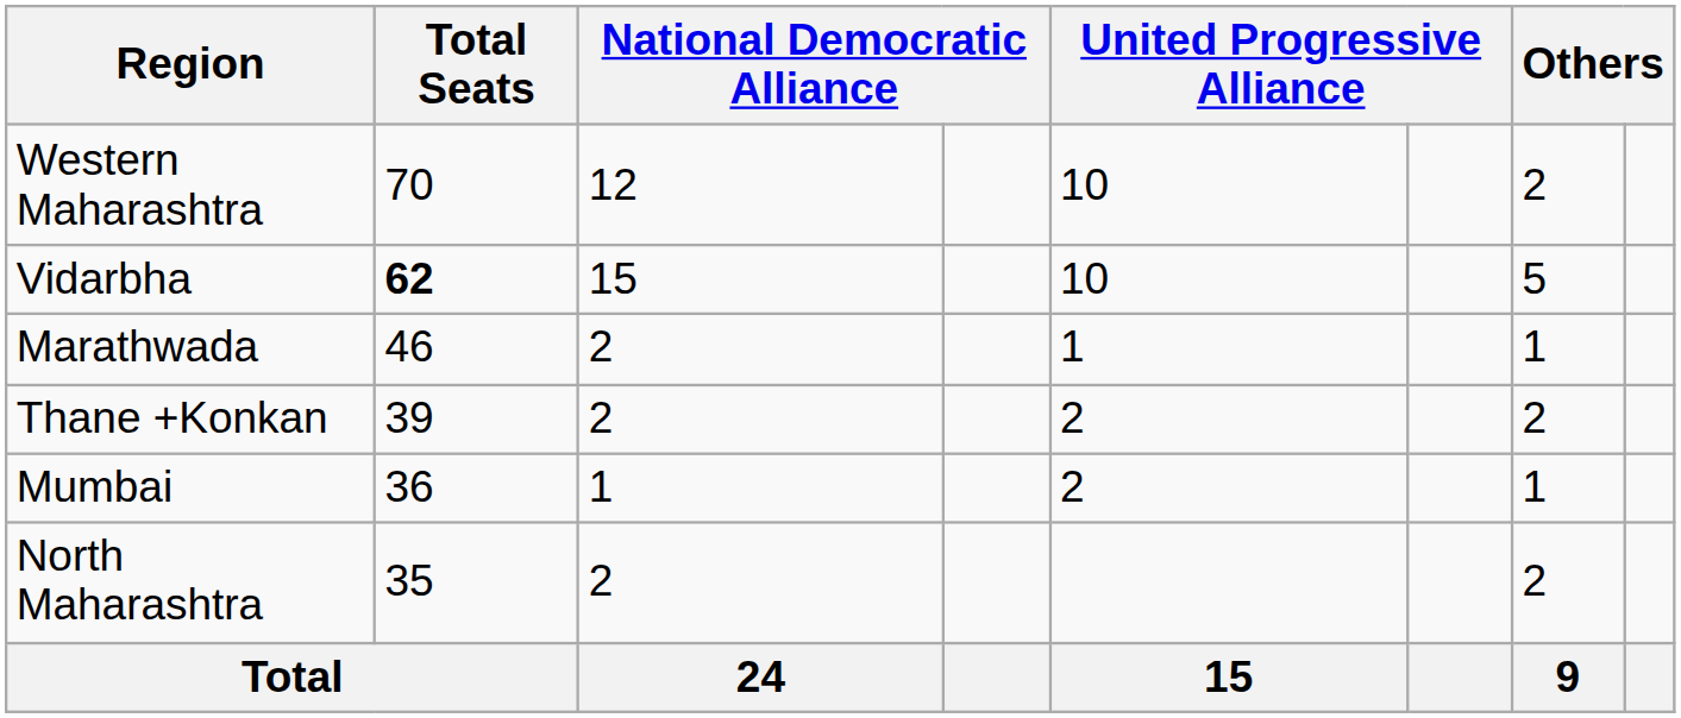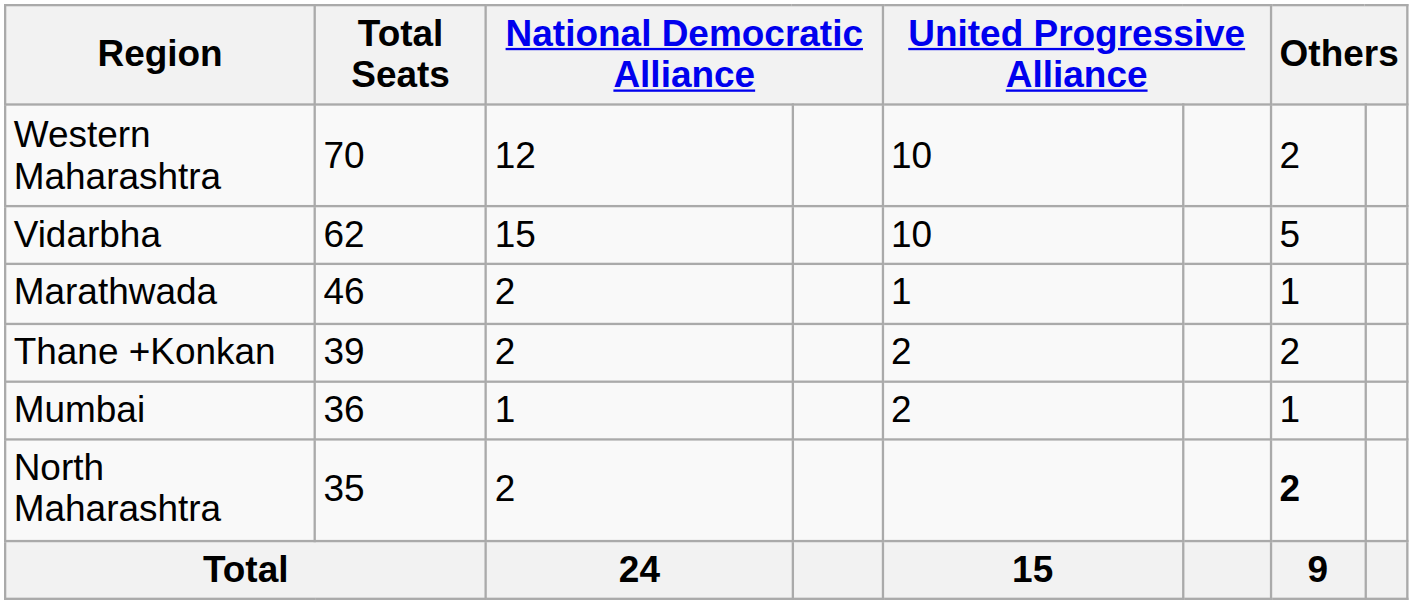 <table class="wikitable sortable">
 <tr>
 <th>Region</th>
 <th>Total Seats</th>
 <th colspan="2"><a href='#'>National Democratic Alliance</a></th>
 <th colspan="2"><a href='#'>United Progressive Alliance</a></th>
 <th colspan="2">Others</th>
 </tr>
 <tr>
 <td>Western Maharashtra</td>
 <td>70</td>
 <td> 12</td>
 <td></td>
 <td> 10</td>
 <td></td>
 <td> 2</td>
 <td></td>
 </tr>
 <tr>
 <td>Vidarbha</td>
-<td><strong>62</strong></td>
+<td>62</td>
 <td> 15</td>
 <td></td>
 <td> 10</td>
 <td></td>
 <td> 5</td>
 <td></td>
 </tr>
 <tr>
 <td>Marathwada</td>
 <td>46</td>
 <td> 2</td>
 <td></td>
 <td> 1</td>
 <td></td>
 <td> 1</td>
 <td></td>
 </tr>
 <tr>
 <td>Thane +Konkan</td>
 <td>39</td>
 <td> 2</td>
 <td></td>
 <td> 2</td>
 <td></td>
 <td> 2</td>
 <td></td>
 </tr>
 <tr>
 <td>Mumbai</td>
 <td>36</td>
 <td> 1</td>
 <td></td>
 <td> 2</td>
 <td></td>
 <td> 1</td>
 <td></td>
 </tr>
 <tr>
 <td>North Maharashtra</td>
 <td>35</td>
 <td> 2</td>
 <td></td>
 <td></td>
 <td></td>
-<td> 2</td>
+<td><strong> 2</strong></td>
 <td></td>
 </tr>
 <tr>
 <th colspan="2">Total</th>
 <th> 24</th>
 <th></th>
 <th> 15</th>
 <th></th>
 <th> 9</th>
 <th></th>
 </tr>
 </table>
